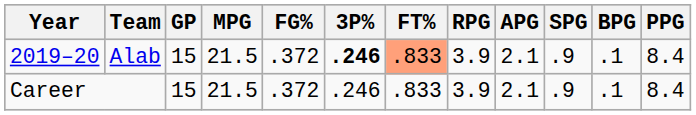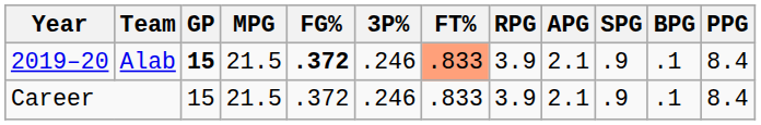 <table class="wikitable sortable">
 <tr>
 <th>Year</th>
 <th>Team</th>
 <th>GP</th>
 <th>MPG</th>
 <th>FG%</th>
 <th>3P%</th>
 <th>FT%</th>
 <th>RPG</th>
 <th>APG</th>
 <th>SPG</th>
 <th>BPG</th>
 <th>PPG</th>
 </tr>
 <tr>
 <td><a href='#'>2019–20</a></td>
 <td><a href='#'>Alab</a></td>
-<td>15</td>
+<td><strong>15</strong></td>
 <td>21.5</td>
-<td>.372</td>
-<td><strong>.246</strong></td>
+<td><strong>.372</strong></td>
+<td>.246</td>
 <td style="background: lightsalmon;">.833</td>
 <td>3.9</td>
 <td>2.1</td>
 <td>.9</td>
 <td>.1</td>
 <td>8.4</td>
 </tr>
 <tr>
 <td colspan="2">Career</td>
 <td>15</td>
 <td>21.5</td>
 <td>.372</td>
 <td>.246</td>
 <td>.833</td>
 <td>3.9</td>
 <td>2.1</td>
 <td>.9</td>
 <td>.1</td>
 <td>8.4</td>
 </tr>
 </table>
